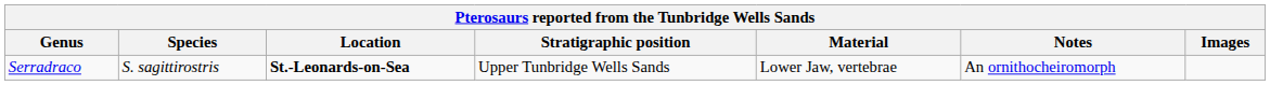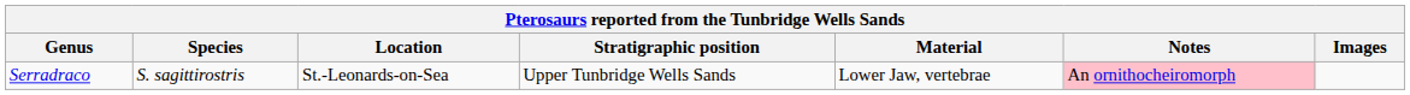 <table class="wikitable" width="100%" align="center">
 <tr>
 <th colspan="7" align="center"><strong><a href='#'>Pterosaurs</a> reported from the Tunbridge Wells Sands</strong></th>
 </tr>
 <tr>
 <th>Genus</th>
 <th>Species</th>
 <th>Location</th>
 <th>Stratigraphic position</th>
 <th>Material</th>
 <th>Notes</th>
 <th>Images</th>
 </tr>
 <tr>
 <td><em><a href='#'>Serradraco</a></em></td>
 <td><em>S. sagittirostris</em></td>
-<td><strong>St.-Leonards-on-Sea</strong></td>
+<td>St.-Leonards-on-Sea</td>
 <td>Upper Tunbridge Wells Sands</td>
 <td>Lower Jaw, vertebrae</td>
-<td>An <a href='#'>ornithocheiromorph</a></td>
+<td style="background: pink;">An <a href='#'>ornithocheiromorph</a></td>
 <td></td>
 </tr>
 </table>
